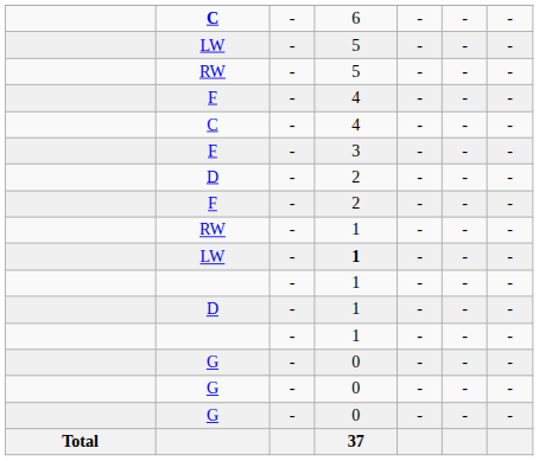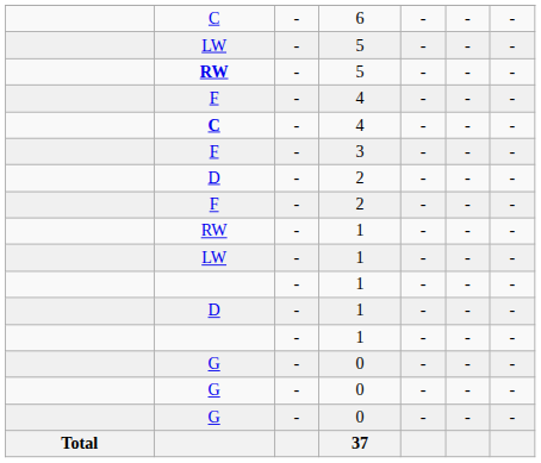 <table class="wikitable sortable" width ="40%">
 <tr align="center">
 </tr>
 <tr align="center" bgcolor="">
 <td></td>
-<td><strong><a href='#'>C</a></strong></td>
+<td><a href='#'>C</a></td>
 <td>-</td>
 <td>6</td>
 <td>-</td>
 <td>-</td>
 <td>-</td>
 </tr>
 <tr align="center" bgcolor="f0f0f0">
 <td></td>
 <td><a href='#'>LW</a></td>
 <td>-</td>
 <td>5</td>
 <td>-</td>
 <td>-</td>
 <td>-</td>
 </tr>
 <tr align="center" bgcolor="">
 <td></td>
-<td><a href='#'>RW</a></td>
+<td><strong><a href='#'>RW</a></strong></td>
 <td>-</td>
 <td>5</td>
 <td>-</td>
 <td>-</td>
 <td>-</td>
 </tr>
 <tr align="center" bgcolor="f0f0f0">
 <td></td>
 <td><a href='#'>F</a></td>
 <td>-</td>
 <td>4</td>
 <td>-</td>
 <td>-</td>
 <td>-</td>
 </tr>
 <tr align="center" bgcolor="">
 <td></td>
-<td><a href='#'>C</a></td>
+<td><strong><a href='#'>C</a></strong></td>
 <td>-</td>
 <td>4</td>
 <td>-</td>
 <td>-</td>
 <td>-</td>
 </tr>
 <tr align="center" bgcolor="f0f0f0">
 <td></td>
 <td><a href='#'>F</a></td>
 <td>-</td>
 <td>3</td>
 <td>-</td>
 <td>-</td>
 <td>-</td>
 </tr>
 <tr align="center" bgcolor="">
 <td></td>
 <td><a href='#'>D</a></td>
 <td>-</td>
 <td>2</td>
 <td>-</td>
 <td>-</td>
 <td>-</td>
 </tr>
 <tr align="center" bgcolor="f0f0f0">
 <td></td>
 <td><a href='#'>F</a></td>
 <td>-</td>
 <td>2</td>
 <td>-</td>
 <td>-</td>
 <td>-</td>
 </tr>
 <tr align="center" bgcolor="">
 <td></td>
 <td><a href='#'>RW</a></td>
 <td>-</td>
 <td>1</td>
 <td>-</td>
 <td>-</td>
 <td>-</td>
 </tr>
 <tr align="center" bgcolor="f0f0f0">
 <td></td>
 <td><a href='#'>LW</a></td>
 <td>-</td>
-<td><strong>1</strong></td>
+<td>1</td>
 <td>-</td>
 <td>-</td>
 <td>-</td>
 </tr>
 <tr align="center" bgcolor="">
 <td></td>
 <td></td>
 <td>-</td>
 <td>1</td>
 <td>-</td>
 <td>-</td>
 <td>-</td>
 </tr>
 <tr align="center" bgcolor="f0f0f0">
 <td></td>
 <td><a href='#'>D</a></td>
 <td>-</td>
 <td>1</td>
 <td>-</td>
 <td>-</td>
 <td>-</td>
 </tr>
 <tr align="center" bgcolor="">
 <td></td>
 <td></td>
 <td>-</td>
 <td>1</td>
 <td>-</td>
 <td>-</td>
 <td>-</td>
 </tr>
 <tr align="center" bgcolor="f0f0f0">
 <td></td>
 <td><a href='#'>G</a></td>
 <td>-</td>
 <td>0</td>
 <td>-</td>
 <td>-</td>
 <td>-</td>
 </tr>
 <tr align="center" bgcolor="">
 <td></td>
 <td><a href='#'>G</a></td>
 <td>-</td>
 <td>0</td>
 <td>-</td>
 <td>-</td>
 <td>-</td>
 </tr>
 <tr align="center" bgcolor="f0f0f0">
 <td></td>
 <td><a href='#'>G</a></td>
 <td>-</td>
 <td>0</td>
 <td>-</td>
 <td>-</td>
 <td>-</td>
 </tr>
 <tr>
 <th>Total</th>
 <th></th>
 <th></th>
 <th>37</th>
 <th></th>
 <th></th>
 <th></th>
 </tr>
 </table>
